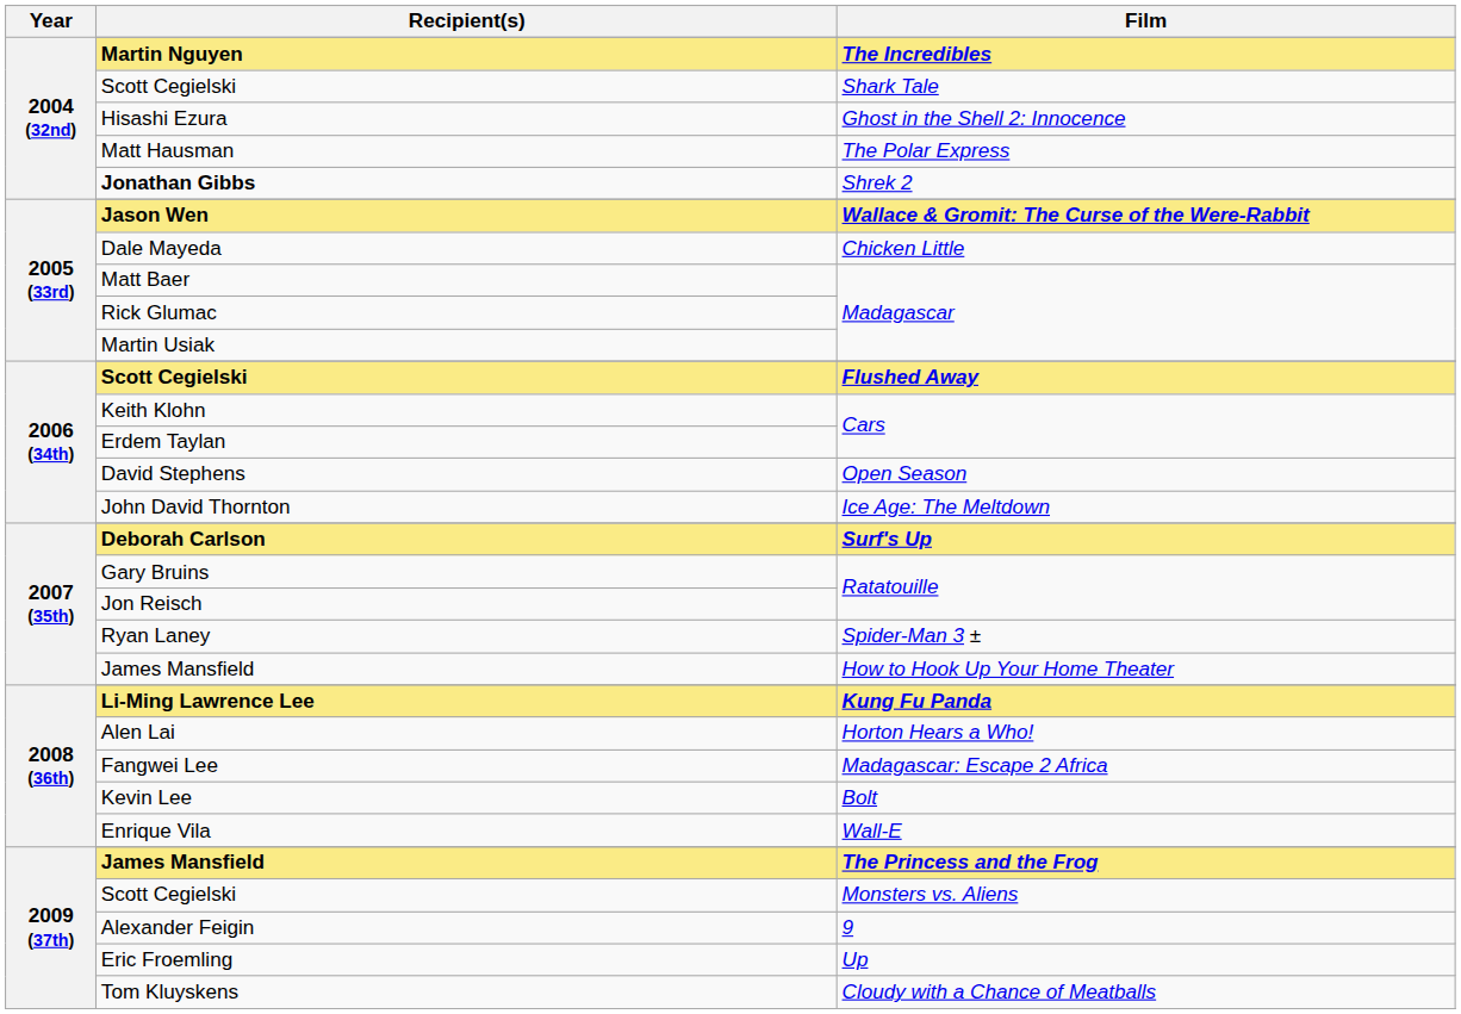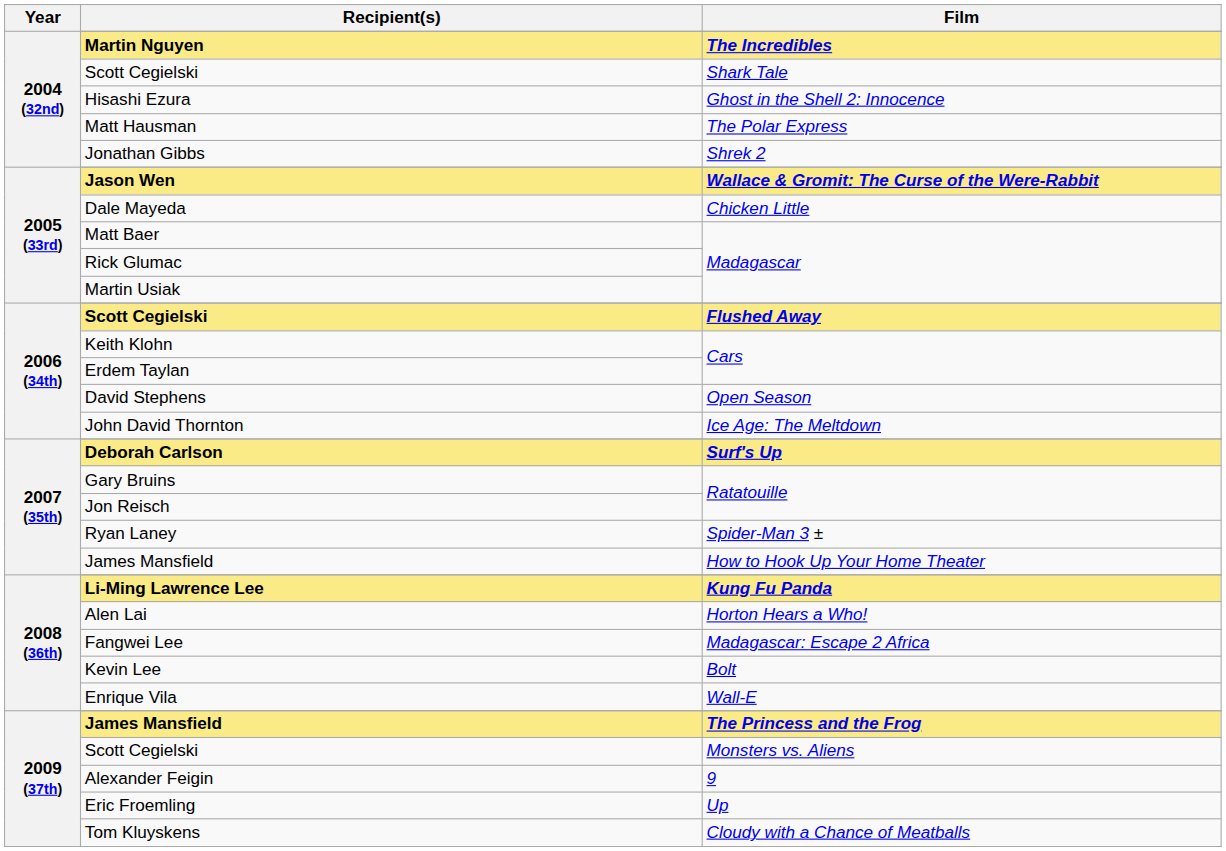 <table class="wikitable" style="width:90%;">
 <tr>
 <th style="width:3%;">Year</th>
 <th style="width:30%;">Recipient(s)</th>
 <th style="width:25%;">Film</th>
 </tr>
 <tr>
 <th rowspan="6" style="text-align:center;">2004 <br><small>(<a href='#'>32nd</a>)</small><br></th>
 </tr>
 <tr style="background:#FAEB86;">
 <td><strong>Martin Nguyen</strong></td>
 <td><strong><em><a href='#'>The Incredibles</a></em></strong></td>
 </tr>
 <tr>
 <td>Scott Cegielski</td>
 <td><em><a href='#'>Shark Tale</a></em></td>
 </tr>
 <tr>
 <td>Hisashi Ezura</td>
 <td><em><a href='#'>Ghost in the Shell 2: Innocence</a></em></td>
 </tr>
 <tr>
 <td>Matt Hausman</td>
 <td><em><a href='#'>The Polar Express</a></em></td>
 </tr>
 <tr>
-<td><strong>Jonathan Gibbs</strong></td>
+<td>Jonathan Gibbs</td>
 <td><em><a href='#'>Shrek 2</a></em></td>
 </tr>
 <tr>
 <th rowspan="6" style="text-align:center;">2005 <br><small>(<a href='#'>33rd</a>)</small><br></th>
 </tr>
 <tr style="background:#FAEB86;">
 <td><strong>Jason Wen</strong></td>
 <td><strong><em><a href='#'>Wallace & Gromit: The Curse of the Were-Rabbit</a></em></strong></td>
 </tr>
 <tr>
 <td>Dale Mayeda</td>
 <td><em><a href='#'>Chicken Little</a></em></td>
 </tr>
 <tr>
 <td>Matt Baer</td>
 <td rowspan="3"><em><a href='#'>Madagascar</a></em></td>
 </tr>
 <tr>
 <td>Rick Glumac</td>
 </tr>
 <tr>
 <td>Martin Usiak</td>
 </tr>
 <tr>
 <th rowspan="6" style="text-align:center;">2006 <br><small>(<a href='#'>34th</a>)</small><br></th>
 </tr>
 <tr style="background:#FAEB86;">
 <td><strong>Scott Cegielski</strong></td>
 <td><strong><em><a href='#'>Flushed Away</a></em></strong></td>
 </tr>
 <tr>
 <td>Keith Klohn</td>
 <td rowspan="2"><em><a href='#'>Cars</a></em></td>
 </tr>
 <tr>
 <td>Erdem Taylan</td>
 </tr>
 <tr>
 <td>David Stephens</td>
 <td><em><a href='#'>Open Season</a></em></td>
 </tr>
 <tr>
 <td>John David Thornton</td>
 <td><em><a href='#'>Ice Age: The Meltdown</a></em></td>
 </tr>
 <tr>
 <th rowspan="6" style="text-align:center;">2007 <br><small>(<a href='#'>35th</a>)</small><br></th>
 </tr>
 <tr style="background:#FAEB86;">
 <td><strong>Deborah Carlson</strong></td>
 <td><strong><em><a href='#'>Surf's Up</a></em></strong></td>
 </tr>
 <tr>
 <td>Gary Bruins</td>
 <td rowspan="2"><em><a href='#'>Ratatouille</a></em></td>
 </tr>
 <tr>
 <td>Jon Reisch</td>
 </tr>
 <tr>
 <td>Ryan Laney</td>
 <td><em><a href='#'>Spider-Man 3</a></em> ±</td>
 </tr>
 <tr>
 <td>James Mansfield</td>
 <td><em><a href='#'>How to Hook Up Your Home Theater</a></em></td>
 </tr>
 <tr>
 <th rowspan="6" style="text-align:center;">2008 <br><small>(<a href='#'>36th</a>)</small><br></th>
 </tr>
 <tr style="background:#FAEB86;">
 <td><strong>Li-Ming Lawrence Lee</strong></td>
 <td><strong><em><a href='#'>Kung Fu Panda</a></em></strong></td>
 </tr>
 <tr>
 <td>Alen Lai</td>
 <td><em><a href='#'>Horton Hears a Who!</a></em></td>
 </tr>
 <tr>
 <td>Fangwei Lee</td>
 <td><em><a href='#'>Madagascar: Escape 2 Africa</a></em></td>
 </tr>
 <tr>
 <td>Kevin Lee</td>
 <td><em><a href='#'>Bolt</a></em></td>
 </tr>
 <tr>
 <td>Enrique Vila</td>
 <td><em><a href='#'>Wall-E</a></em></td>
 </tr>
 <tr>
 <th rowspan="6" style="text-align:center;">2009 <br><small>(<a href='#'>37th</a>)</small><br></th>
 </tr>
 <tr style="background:#FAEB86;">
 <td><strong>James Mansfield</strong></td>
 <td><strong><em><a href='#'>The Princess and the Frog</a></em></strong></td>
 </tr>
 <tr>
 <td>Scott Cegielski</td>
 <td><em><a href='#'>Monsters vs. Aliens</a></em></td>
 </tr>
 <tr>
 <td>Alexander Feigin</td>
 <td><em><a href='#'>9</a></em></td>
 </tr>
 <tr>
 <td>Eric Froemling</td>
 <td><em><a href='#'>Up</a></em></td>
 </tr>
 <tr>
 <td>Tom Kluyskens</td>
 <td><em><a href='#'>Cloudy with a Chance of Meatballs</a></em></td>
 </tr>
 <tr>
 </tr>
 </table>
